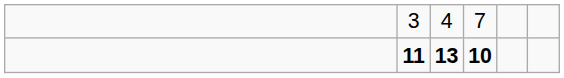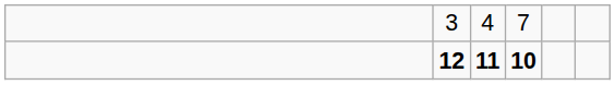 <table class="wikitable">
 <tr>
 <td style="width:18em"></td>
 <td align=center style="width:1em">3</td>
 <td align=center style="width:1em">4</td>
 <td align=center style="width:1em">7</td>
 <td align=center style="width:1em"></td>
 <td align=center style="width:1em"></td>
 </tr>
 <tr>
 <td style="width:18em"><strong></strong></td>
+<td align=center style="width:1em"><strong>12</strong></td>
 <td align=center style="width:1em"><strong>11</strong></td>
-<td align=center style="width:1em"><strong>13</strong></td>
 <td align=center style="width:1em"><strong>10</strong></td>
 <td align=center style="width:1em"></td>
 <td align=center style="width:1em"></td>
 </tr>
 </table>
